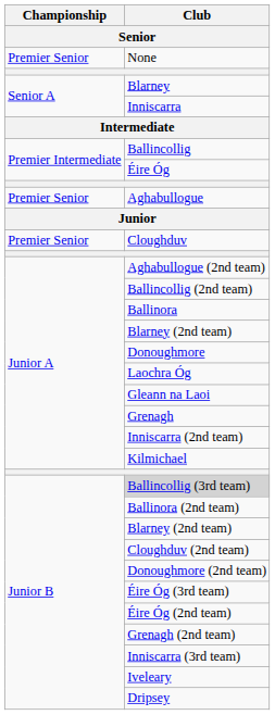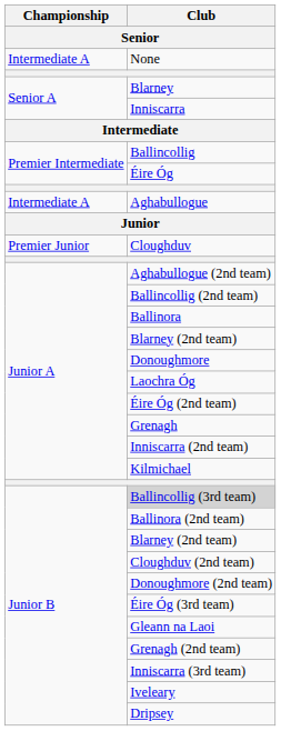 <table class="wikitable sortable">
 <tr>
 <th>Championship</th>
 <th>Club</th>
 </tr>
 <tr>
 <th colspan="2">Senior</th>
 </tr>
 <tr>
-<td><a href='#'>Premier Senior</a></td>
+<td><a href='#'>Intermediate A</a></td>
 <td>None</td>
 </tr>
 <tr>
 <th colspan="2"></th>
 </tr>
 <tr>
 <td rowspan="2"><a href='#'>Senior A</a></td>
 <td> <a href='#'>Blarney</a></td>
 </tr>
 <tr>
 <td> <a href='#'>Inniscarra</a></td>
 </tr>
 <tr>
 <th colspan="2">Intermediate</th>
 </tr>
 <tr>
 <td rowspan="2"><a href='#'>Premier Intermediate</a></td>
 <td> <a href='#'>Ballincollig</a></td>
 </tr>
 <tr>
 <td> <a href='#'>Éire Óg</a></td>
 </tr>
 <tr>
 <th colspan="2"></th>
 </tr>
 <tr>
-<td><a href='#'>Premier Senior</a></td>
+<td><a href='#'>Intermediate A</a></td>
 <td> <a href='#'>Aghabullogue</a></td>
 </tr>
 <tr>
 <th colspan="2">Junior</th>
 </tr>
 <tr>
-<td><a href='#'>Premier Senior</a></td>
+<td><a href='#'>Premier Junior</a></td>
 <td> <a href='#'>Cloughduv</a></td>
 </tr>
 <tr>
 <th colspan="2"></th>
 </tr>
 <tr>
 <td rowspan="10"><a href='#'>Junior A</a></td>
 <td> <a href='#'>Aghabullogue</a> (2nd team)</td>
 </tr>
 <tr>
 <td> <a href='#'>Ballincollig</a> (2nd team)</td>
 </tr>
 <tr>
 <td> <a href='#'>Ballinora</a></td>
 </tr>
 <tr>
 <td> <a href='#'>Blarney</a> (2nd team)</td>
 </tr>
 <tr>
 <td> <a href='#'>Donoughmore</a></td>
 </tr>
 <tr>
 <td> <a href='#'>Laochra Óg</a></td>
 </tr>
 <tr>
-<td> <a href='#'>Gleann na Laoi</a></td>
+<td> <a href='#'>Éire Óg</a> (2nd team)</td>
 </tr>
 <tr>
 <td> <a href='#'>Grenagh</a></td>
 </tr>
 <tr>
 <td> <a href='#'>Inniscarra</a> (2nd team)</td>
 </tr>
 <tr>
 <td> <a href='#'>Kilmichael</a></td>
 </tr>
 <tr>
 <th colspan="2"></th>
 </tr>
 <tr>
 <td rowspan="11"><a href='#'>Junior B</a></td>
 <td style="background: lightgrey;"> <a href='#'>Ballincollig</a> (3rd team)</td>
 </tr>
 <tr>
 <td> <a href='#'>Ballinora</a> (2nd team)</td>
 </tr>
 <tr>
 <td> <a href='#'>Blarney</a> (2nd team)</td>
 </tr>
 <tr>
 <td> <a href='#'>Cloughduv</a> (2nd team)</td>
 </tr>
 <tr>
 <td> <a href='#'>Donoughmore</a> (2nd team)</td>
 </tr>
 <tr>
 <td> <a href='#'>Éire Óg</a> (3rd team)</td>
 </tr>
 <tr>
-<td> <a href='#'>Éire Óg</a> (2nd team)</td>
+<td> <a href='#'>Gleann na Laoi</a></td>
 </tr>
 <tr>
 <td> <a href='#'>Grenagh</a> (2nd team)</td>
 </tr>
 <tr>
 <td> <a href='#'>Inniscarra</a> (3rd team)</td>
 </tr>
 <tr>
 <td> <a href='#'>Iveleary</a></td>
 </tr>
 <tr>
 <td> <a href='#'>Dripsey</a></td>
 </tr>
 </table>
